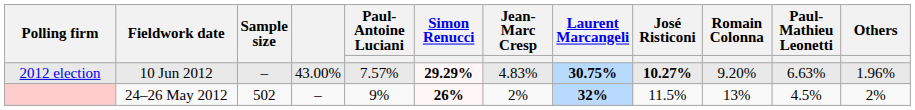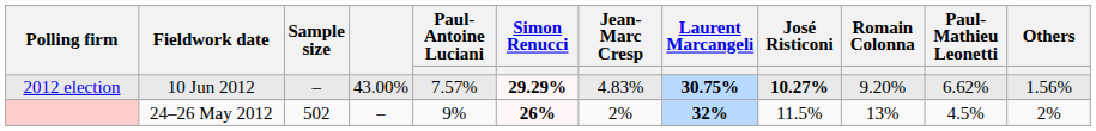 <table class="wikitable sortable" style="text-align:center;font-size:90%;line-height:14px;">
 <tr style="height:40px;">
 <th style="width:100px;" rowspan="2">Polling firm</th>
 <th style="width:110px;" rowspan="2">Fieldwork date</th>
 <th style="width:35px;" rowspan="2">Sample<br>size</th>
 <th style="width:30px;" rowspan="2"></th>
 <th class="unsortable" style="width:60px;">Paul-Antoine Luciani<br></th>
 <th class="unsortable" style="width:60px;"><a href='#'>Simon Renucci</a><br></th>
 <th class="unsortable" style="width:60px;">Jean-Marc Cresp<br></th>
 <th class="unsortable" style="width:60px;"><a href='#'>Laurent Marcangeli</a><br></th>
 <th class="unsortable" style="width:60px;">José Risticoni<br></th>
 <th class="unsortable" style="width:60px;">Romain Colonna<br></th>
 <th class="unsortable" style="width:60px;">Paul-Mathieu Leonetti<br></th>
 <th class="unsortable" style="width:60px;">Others</th>
 </tr>
 <tr>
 <th style="background:"></th>
 <th style="background:"></th>
 <th style="background:"></th>
 <th style="background:"></th>
 <th style="background:"></th>
 <th style="background:"></th>
 <th style="background:"></th>
 <th style="background:"></th>
 </tr>
 <tr style="background:#E9E9E9;">
 <td><a href='#'>2012 election</a></td>
 <td data-sort-value="2012-06-10">10 Jun 2012</td>
 <td>–</td>
 <td>43.00%</td>
 <td>7.57%</td>
 <td style="background:#FFF7F7;"><strong>29.29%</strong></td>
 <td>4.83%</td>
 <td style="background:#B9DAFF;"><strong>30.75%</strong></td>
 <td><strong>10.27%</strong></td>
 <td>9.20%</td>
-<td>6.63%</td>
-<td>1.96%</td>
+<td>6.62%</td>
+<td>1.56%</td>
 </tr>
 <tr>
 <td style="background:#FFCCCC;"></td>
 <td data-sort-value="2012-05-26">24–26 May 2012</td>
 <td>502</td>
 <td>–</td>
 <td>9%</td>
 <td style="background:#FFF7F7;"><strong>26%</strong></td>
 <td>2%</td>
 <td style="background:#B9DAFF;"><strong>32%</strong></td>
 <td>11.5%</td>
 <td>13%</td>
 <td>4.5%</td>
 <td>2%</td>
 </tr>
 </table>
